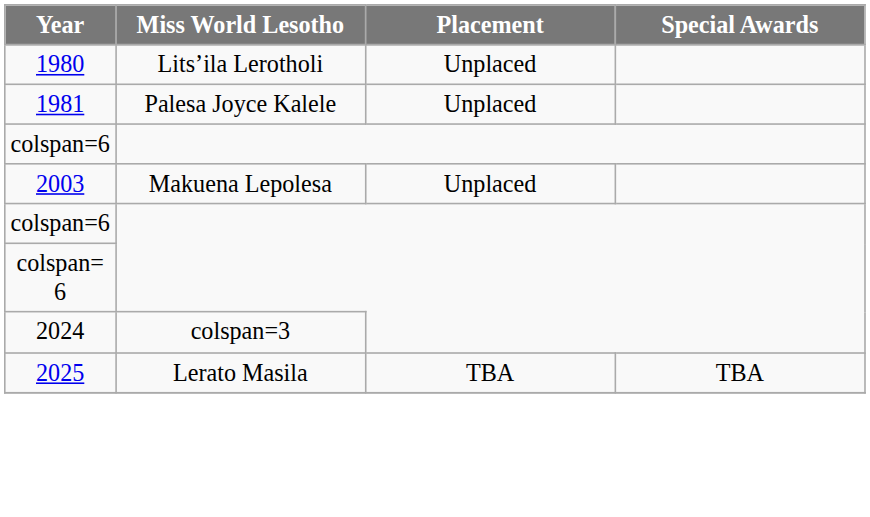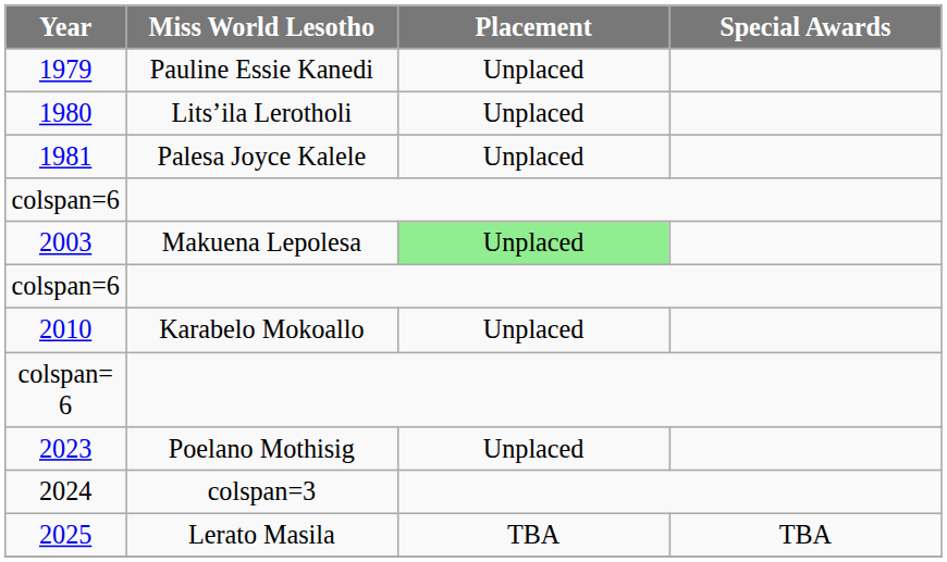 <table class="wikitable sortable" style="font-size: 95%; text-align:center">
 <tr>
 <th width="30" style="background-color:#787878;color:#FFFFFF;">Year</th>
 <th width="150" style="background-color:#787878;color:#FFFFFF;">Miss World Lesotho</th>
 <th width="150" style="background-color:#787878;color:#FFFFFF;">Placement</th>
 <th width="150" style="background-color:#787878;color:#FFFFFF;">Special Awards</th>
+</tr>
+<tr>
+<td><a href='#'>1979</a></td>
+<td>Pauline Essie Kanedi</td>
+<td>Unplaced</td>
+<td></td>
 </tr>
 <tr>
 <td><a href='#'>1980</a></td>
 <td>Lits’ila Lerotholi</td>
 <td>Unplaced</td>
 <td></td>
 </tr>
 <tr>
 <td><a href='#'>1981</a></td>
 <td>Palesa Joyce Kalele</td>
 <td>Unplaced</td>
 <td></td>
 </tr>
 <tr>
 <td>colspan=6 </td>
 </tr>
 <tr>
 <td><a href='#'>2003</a></td>
 <td>Makuena Lepolesa</td>
-<td>Unplaced</td>
+<td style="background: lightgreen;">Unplaced</td>
 <td></td>
 </tr>
 <tr>
 <td>colspan=6 </td>
 </tr>
 <tr>
+<td><a href='#'>2010</a></td>
+<td>Karabelo Mokoallo</td>
+<td>Unplaced</td>
+<td></td>
+</tr>
+<tr>
 <td>colspan= 6 </td>
+</tr>
+<tr>
+<td><a href='#'>2023</a></td>
+<td>Poelano Mothisig</td>
+<td>Unplaced</td>
+<td></td>
 </tr>
 <tr>
 <td>2024</td>
 <td>colspan=3 </td>
 </tr>
 <tr>
 <td><a href='#'>2025</a></td>
 <td>Lerato Masila</td>
 <td>TBA</td>
 <td>TBA</td>
 </tr>
 <tr>
 </tr>
 </table>
